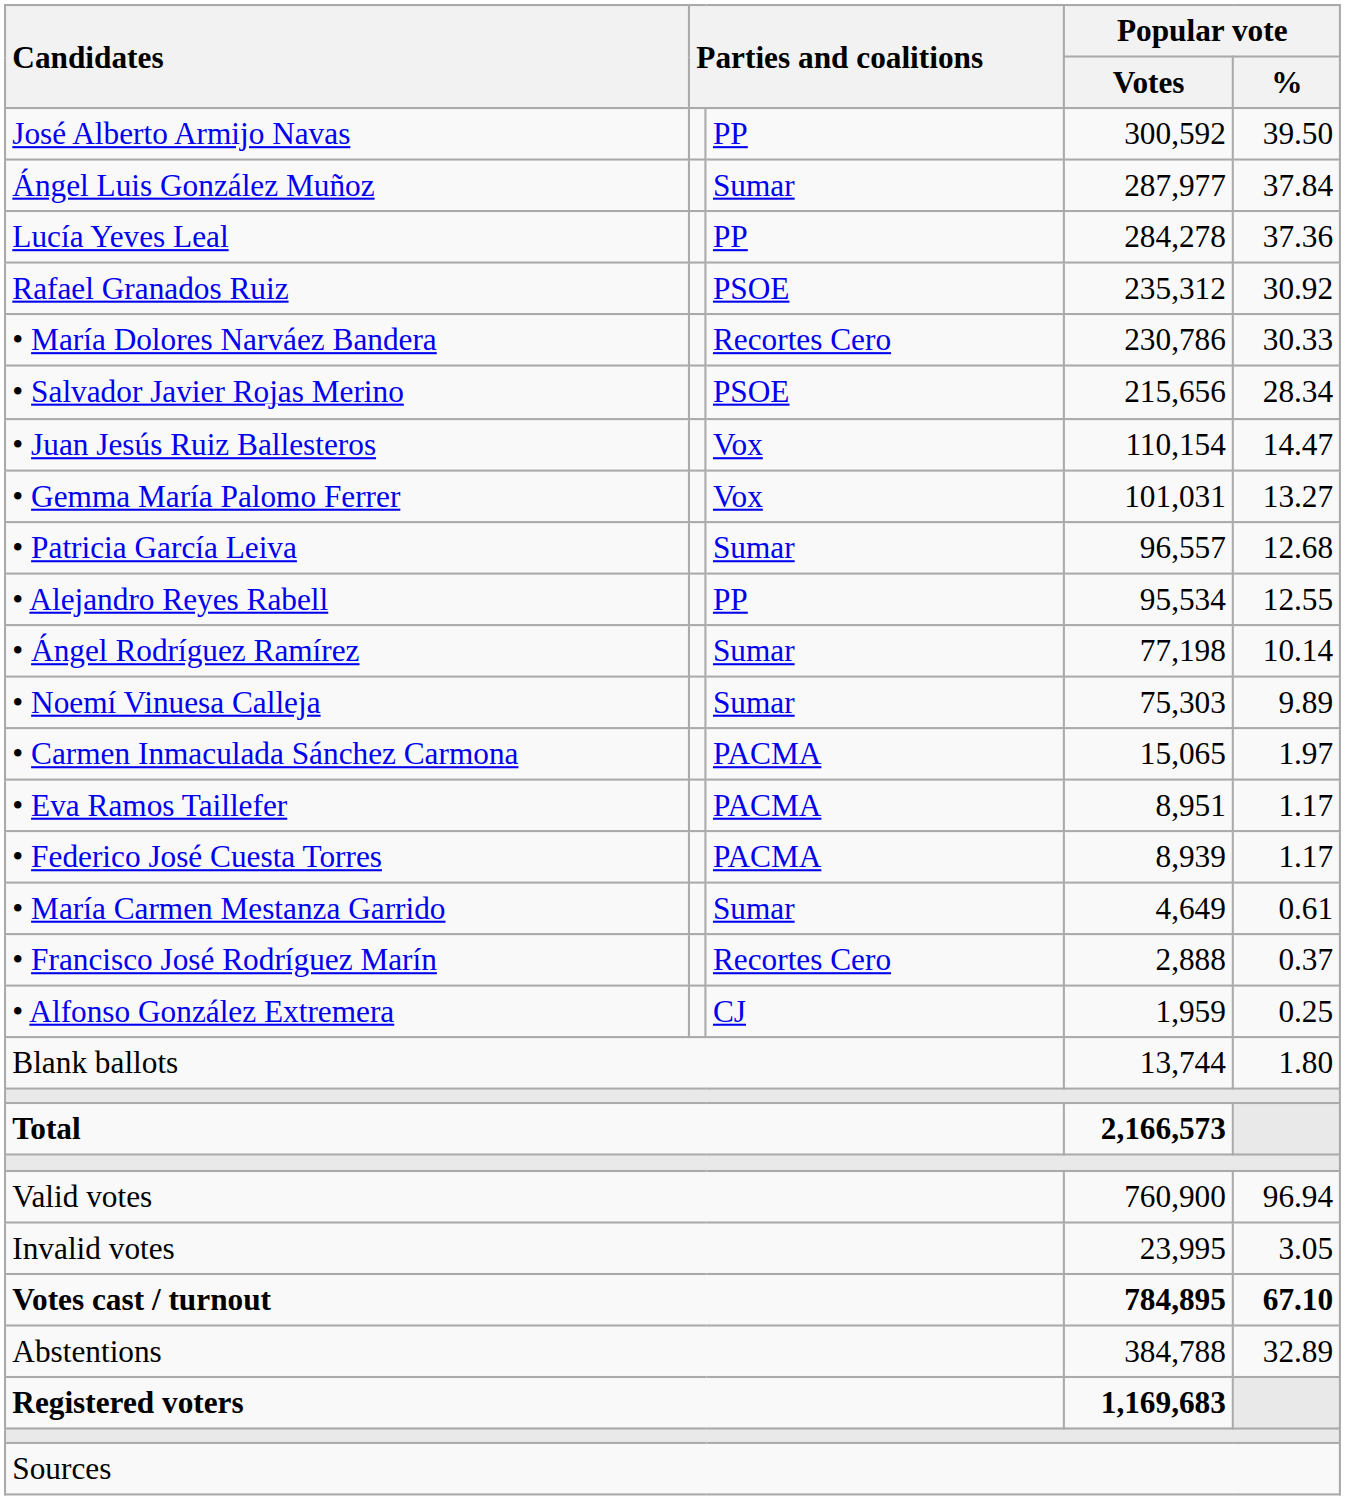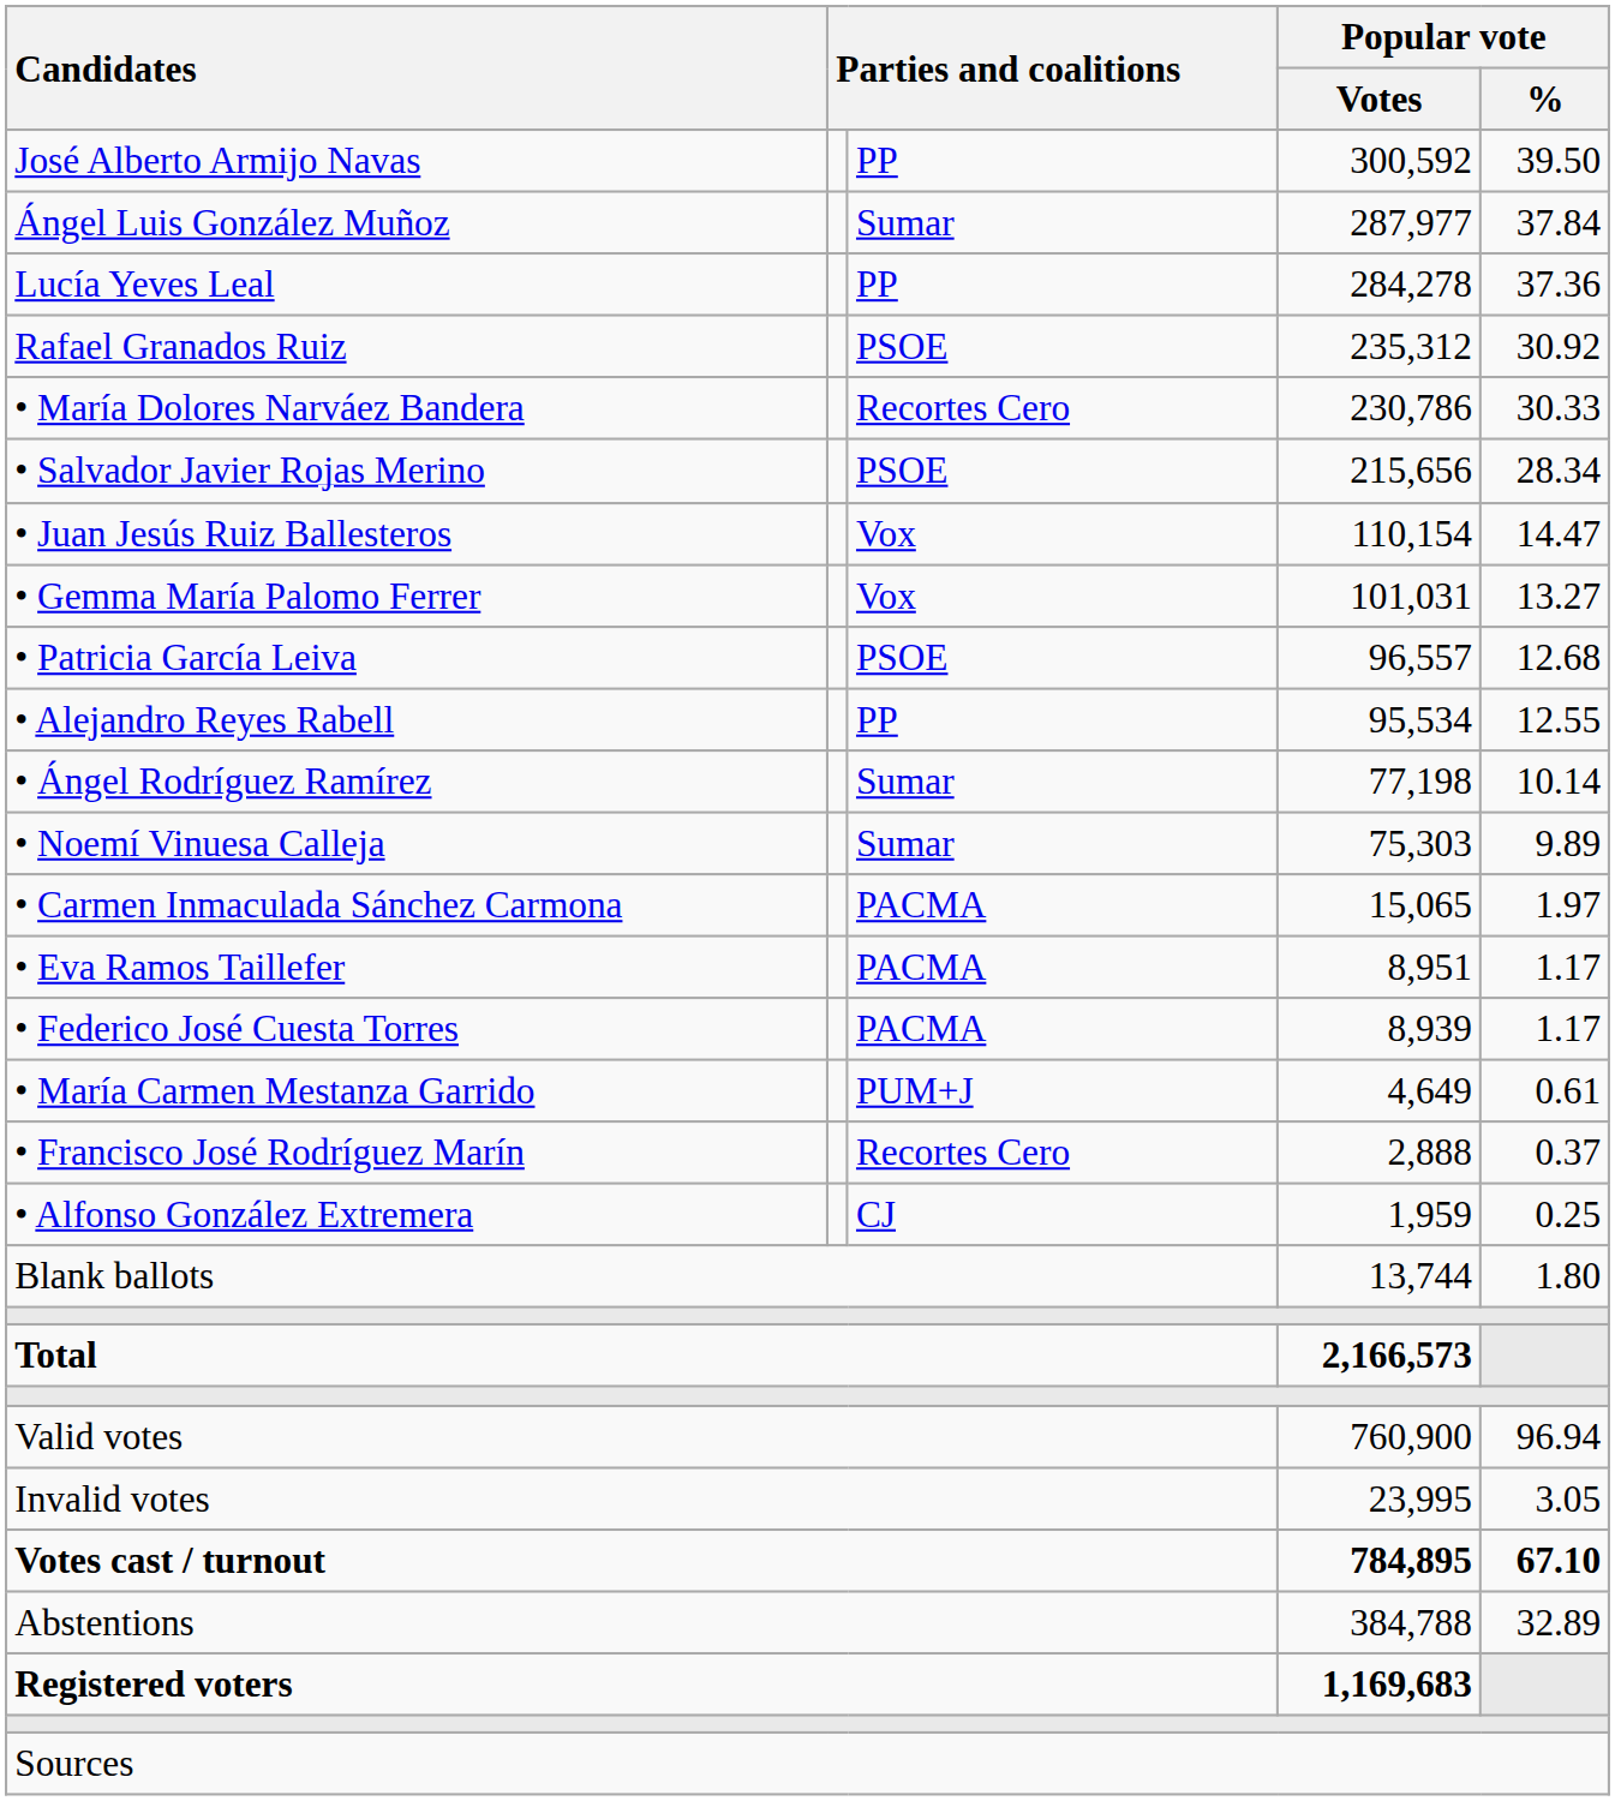 <table class="wikitable" style="text-align:right; font-size:95%;">
 <tr>
 <th style="text-align:left;" rowspan="2" width="325">Candidates</th>
 <th style="text-align:left;" rowspan="2" colspan="2" width="175">Parties and coalitions</th>
 <th colspan="2">Popular vote</th>
 </tr>
 <tr>
 <th width="75">Votes</th>
 <th width="45">%</th>
 </tr>
 <tr>
 <td align="left"> <a href='#'>José Alberto Armijo Navas</a></td>
 <td width="1" style="color:inherit;background:"></td>
 <td align="left"><a href='#'>PP</a></td>
 <td>300,592</td>
 <td>39.50</td>
 </tr>
 <tr>
 <td align="left"> <a href='#'>Ángel Luis González Muñoz</a></td>
 <td width="1" style="color:inherit;background:"></td>
 <td align="left"><a href='#'>Sumar</a></td>
 <td>287,977</td>
 <td>37.84</td>
 </tr>
 <tr>
 <td align="left"> <a href='#'>Lucía Yeves Leal</a></td>
 <td width="1" style="color:inherit;background:"></td>
 <td align="left"><a href='#'>PP</a></td>
 <td>284,278</td>
 <td>37.36</td>
 </tr>
 <tr>
 <td align="left"> <a href='#'>Rafael Granados Ruiz</a></td>
 <td width="1" style="color:inherit;background:"></td>
 <td align="left"><a href='#'>PSOE</a></td>
 <td>235,312</td>
 <td>30.92</td>
 </tr>
 <tr>
 <td align="left">• <a href='#'>María Dolores Narváez Bandera</a></td>
 <td width="1" style="color:inherit;background:"></td>
 <td align="left"><a href='#'>Recortes Cero</a></td>
 <td>230,786</td>
 <td>30.33</td>
 </tr>
 <tr>
 <td align="left">• <a href='#'>Salvador Javier Rojas Merino</a></td>
 <td width="1" style="color:inherit;background:"></td>
 <td align="left"><a href='#'>PSOE</a></td>
 <td>215,656</td>
 <td>28.34</td>
 </tr>
 <tr>
 <td align="left">• <a href='#'>Juan Jesús Ruiz Ballesteros</a></td>
 <td width="1" style="color:inherit;background:"></td>
 <td align="left"><a href='#'>Vox</a></td>
 <td>110,154</td>
 <td>14.47</td>
 </tr>
 <tr>
 <td align="left">• <a href='#'>Gemma María Palomo Ferrer</a></td>
 <td width="1" style="color:inherit;background:"></td>
 <td align="left"><a href='#'>Vox</a></td>
 <td>101,031</td>
 <td>13.27</td>
 </tr>
 <tr>
 <td align="left">• <a href='#'>Patricia García Leiva</a></td>
 <td width="1" style="color:inherit;background:"></td>
-<td align="left"><a href='#'>Sumar</a></td>
+<td align="left"><a href='#'>PSOE</a></td>
 <td>96,557</td>
 <td>12.68</td>
 </tr>
 <tr>
 <td align="left">• <a href='#'>Alejandro Reyes Rabell</a></td>
 <td width="1" style="color:inherit;background:"></td>
 <td align="left"><a href='#'>PP</a></td>
 <td>95,534</td>
 <td>12.55</td>
 </tr>
 <tr>
 <td align="left">• <a href='#'>Ángel Rodríguez Ramírez</a></td>
 <td width="1" style="color:inherit;background:"></td>
 <td align="left"><a href='#'>Sumar</a></td>
 <td>77,198</td>
 <td>10.14</td>
 </tr>
 <tr>
 <td align="left">• <a href='#'>Noemí Vinuesa Calleja</a></td>
 <td width="1" style="color:inherit;background:"></td>
 <td align="left"><a href='#'>Sumar</a></td>
 <td>75,303</td>
 <td>9.89</td>
 </tr>
 <tr>
 <td align="left">• <a href='#'>Carmen Inmaculada Sánchez Carmona</a></td>
 <td width="1" style="color:inherit;background:"></td>
 <td align="left"><a href='#'>PACMA</a></td>
 <td>15,065</td>
 <td>1.97</td>
 </tr>
 <tr>
 <td align="left">• <a href='#'>Eva Ramos Taillefer</a></td>
 <td width="1" style="color:inherit;background:"></td>
 <td align="left"><a href='#'>PACMA</a></td>
 <td>8,951</td>
 <td>1.17</td>
 </tr>
 <tr>
 <td align="left">• <a href='#'>Federico José Cuesta Torres</a></td>
 <td width="1" style="color:inherit;background:"></td>
 <td align="left"><a href='#'>PACMA</a></td>
 <td>8,939</td>
 <td>1.17</td>
 </tr>
 <tr>
 <td align="left">• <a href='#'>María Carmen Mestanza Garrido</a></td>
 <td width="1" style="color:inherit;background:"></td>
-<td align="left"><a href='#'>Sumar</a></td>
+<td align="left"><a href='#'>PUM+J</a></td>
 <td>4,649</td>
 <td>0.61</td>
 </tr>
 <tr>
 <td align="left">• <a href='#'>Francisco José Rodríguez Marín</a></td>
 <td width="1" style="color:inherit;background:"></td>
 <td align="left"><a href='#'>Recortes Cero</a></td>
 <td>2,888</td>
 <td>0.37</td>
 </tr>
 <tr>
 <td align="left">• <a href='#'>Alfonso González Extremera</a></td>
 <td width="1" style="color:inherit;background:"></td>
 <td align="left"><a href='#'>CJ</a></td>
 <td>1,959</td>
 <td>0.25</td>
 </tr>
 <tr>
 <td align="left" colspan="3">Blank ballots</td>
 <td>13,744</td>
 <td>1.80</td>
 </tr>
 <tr>
 <td colspan="5" bgcolor="#E9E9E9"></td>
 </tr>
 <tr style="font-weight:bold;">
 <td align="left" colspan="3">Total</td>
 <td>2,166,573</td>
 <td bgcolor="#E9E9E9"></td>
 </tr>
 <tr>
 <td colspan="5" bgcolor="#E9E9E9"></td>
 </tr>
 <tr>
 <td align="left" colspan="3">Valid votes</td>
 <td>760,900</td>
 <td>96.94</td>
 </tr>
 <tr>
 <td align="left" colspan="3">Invalid votes</td>
 <td>23,995</td>
 <td>3.05</td>
 </tr>
 <tr style="font-weight:bold;">
 <td align="left" colspan="3">Votes cast / turnout</td>
 <td>784,895</td>
 <td>67.10</td>
 </tr>
 <tr>
 <td align="left" colspan="3">Abstentions</td>
 <td>384,788</td>
 <td>32.89</td>
 </tr>
 <tr style="font-weight:bold;">
 <td align="left" colspan="3">Registered voters</td>
 <td>1,169,683</td>
 <td bgcolor="#E9E9E9"></td>
 </tr>
 <tr>
 <td colspan="5" bgcolor="#E9E9E9"></td>
 </tr>
 <tr>
 <td align="left" colspan="5">Sources</td>
 </tr>
 </table>
